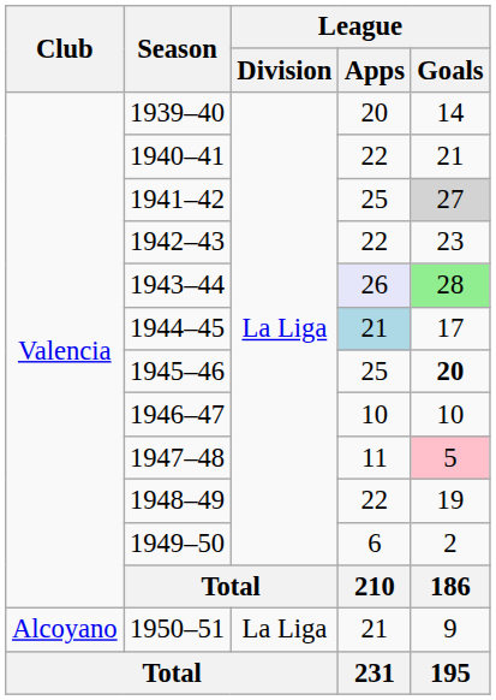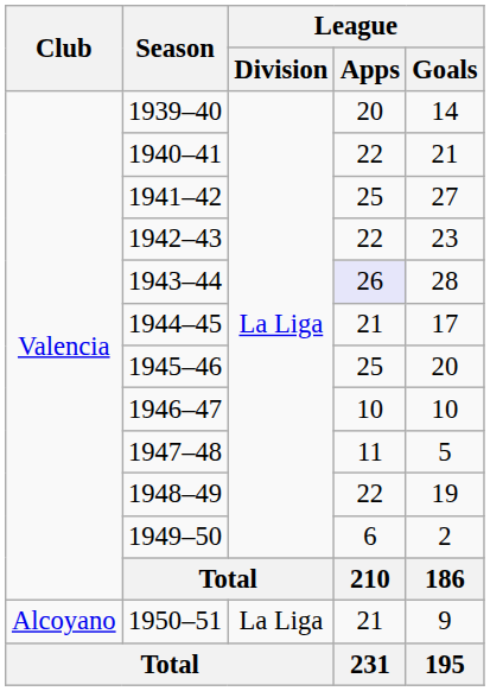 <table class="wikitable" style="text-align:center">
 <tr>
 <th rowspan="2">Club</th>
 <th rowspan="2">Season</th>
 <th colspan="3">League</th>
 </tr>
 <tr>
 <th>Division</th>
 <th>Apps</th>
 <th>Goals</th>
 </tr>
 <tr>
 <td rowspan="12"><a href='#'>Valencia</a></td>
 <td>1939–40</td>
 <td rowspan="11"><a href='#'>La Liga</a></td>
 <td>20</td>
 <td>14</td>
 </tr>
 <tr>
 <td>1940–41</td>
 <td>22</td>
 <td>21</td>
 </tr>
 <tr>
 <td>1941–42</td>
 <td>25</td>
-<td style="background: lightgrey;">27</td>
+<td>27</td>
 </tr>
 <tr>
 <td>1942–43</td>
 <td>22</td>
 <td>23</td>
 </tr>
 <tr>
 <td>1943–44</td>
 <td style="background: lavender;">26</td>
-<td style="background: lightgreen;">28</td>
+<td>28</td>
 </tr>
 <tr>
 <td>1944–45</td>
-<td style="background: lightblue;">21</td>
+<td>21</td>
 <td>17</td>
 </tr>
 <tr>
 <td>1945–46</td>
 <td>25</td>
-<td><strong>20</strong></td>
+<td>20</td>
 </tr>
 <tr>
 <td>1946–47</td>
 <td>10</td>
 <td>10</td>
 </tr>
 <tr>
 <td>1947–48</td>
 <td>11</td>
-<td style="background: pink;">5</td>
+<td>5</td>
 </tr>
 <tr>
 <td>1948–49</td>
 <td>22</td>
 <td>19</td>
 </tr>
 <tr>
 <td>1949–50</td>
 <td>6</td>
 <td>2</td>
 </tr>
 <tr>
 <th colspan="2">Total</th>
 <th>210</th>
 <th>186</th>
 </tr>
 <tr>
 <td><a href='#'>Alcoyano</a></td>
 <td>1950–51</td>
 <td>La Liga</td>
 <td>21</td>
 <td>9</td>
 </tr>
 <tr>
 <th colspan="3">Total</th>
 <th>231</th>
 <th>195</th>
 </tr>
 </table>
